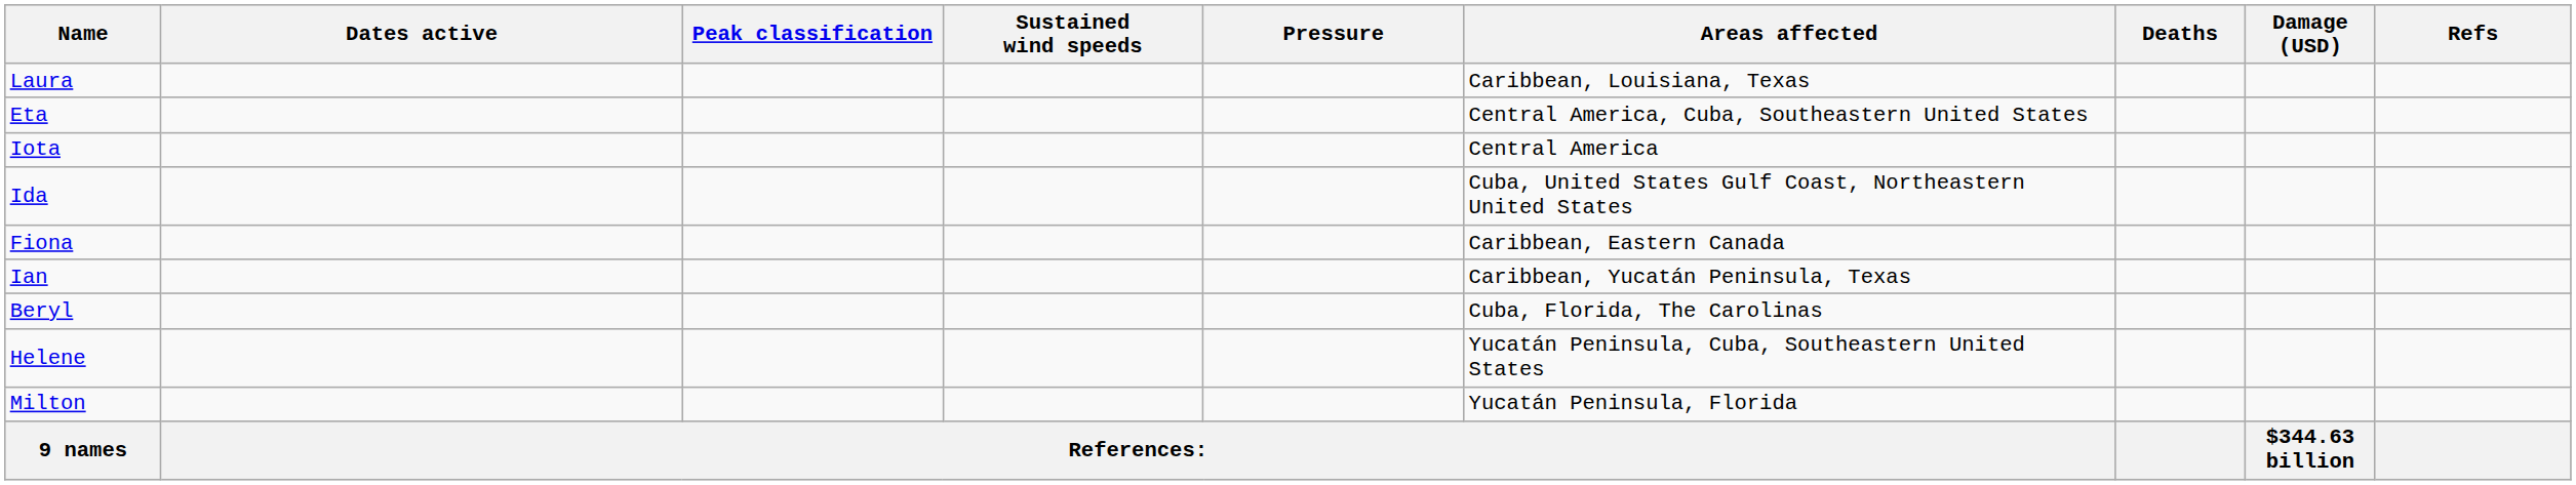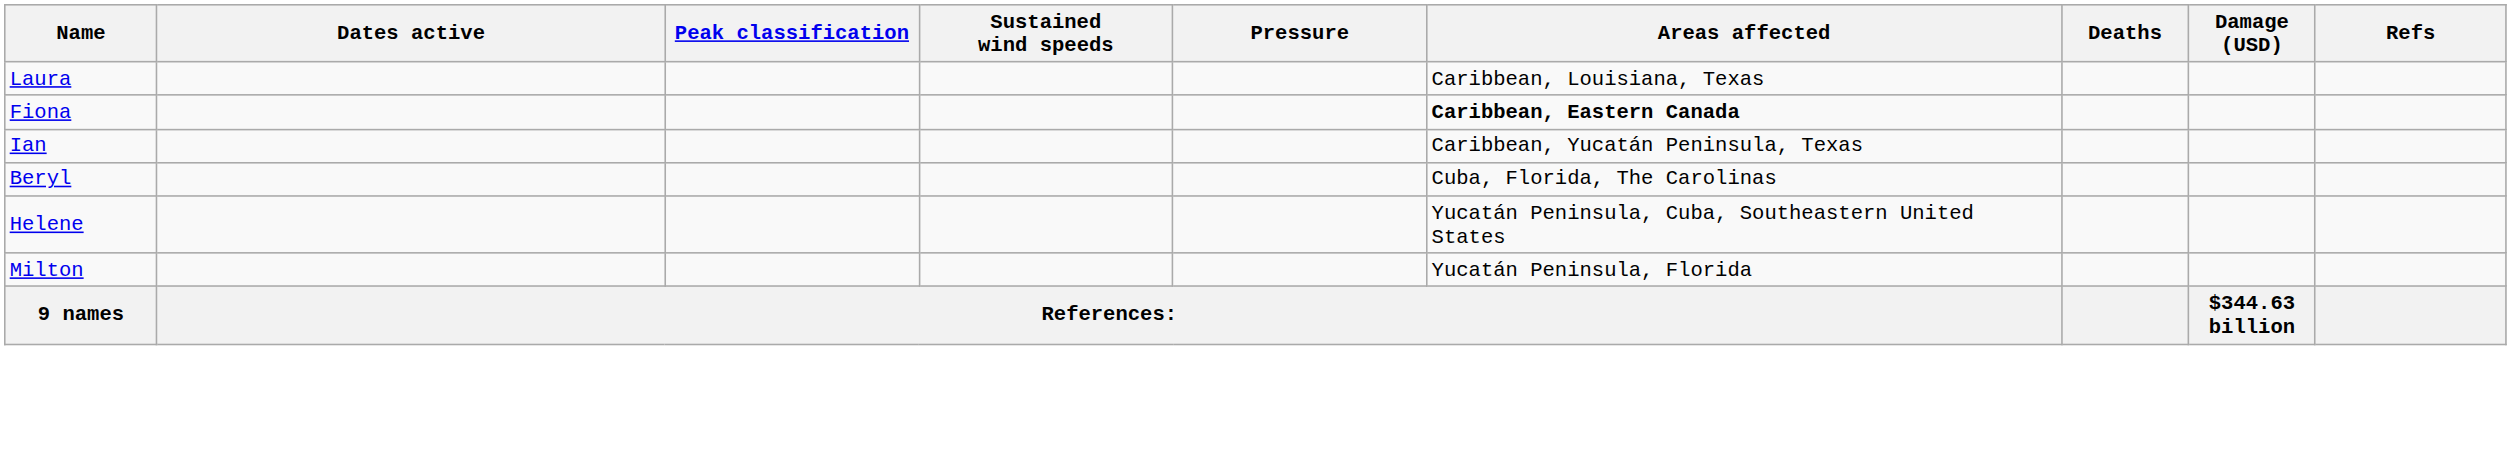 <table class="wikitable sortable" width="100%">
 <tr>
 <th scope="col" width="6%">Name</th>
 <th scope="col" width="20%">Dates active</th>
 <th scope="col" width="10%"><a href='#'>Peak classification</a></th>
 <th scope="col" width="10%">Sustained<br>wind speeds</th>
 <th scope="col" width="10%">Pressure</th>
 <th scope="col" width="25%" class="unsortable">Areas affected</th>
 <th scope="col" width="5%">Deaths</th>
 <th scope="col" width="5%">Damage<br>(USD)</th>
 <th scope="col" width="7.5%" class="unsortable">Refs</th>
 </tr>
 <tr>
 <td><a href='#'>Laura</a></td>
 <td></td>
 <td></td>
 <td></td>
 <td></td>
 <td>Caribbean, Louisiana, Texas</td>
 <td></td>
 <td></td>
 <td></td>
 </tr>
 <tr>
-<td><a href='#'>Eta</a></td>
-<td></td>
-<td></td>
-<td></td>
-<td></td>
-<td>Central America, Cuba, Southeastern United States</td>
-<td></td>
-<td></td>
-<td></td>
-</tr>
-<tr>
-<td><a href='#'>Iota</a></td>
-<td></td>
-<td></td>
-<td></td>
-<td></td>
-<td>Central America</td>
-<td></td>
-<td></td>
-<td></td>
-</tr>
-<tr>
-<td><a href='#'>Ida</a></td>
-<td></td>
-<td></td>
-<td></td>
-<td></td>
-<td>Cuba, United States Gulf Coast, Northeastern United States</td>
-<td></td>
-<td></td>
-<td></td>
-</tr>
-<tr>
 <td><a href='#'>Fiona</a></td>
 <td></td>
 <td></td>
 <td></td>
 <td></td>
-<td>Caribbean, Eastern Canada</td>
+<td><strong>Caribbean, Eastern Canada</strong></td>
 <td></td>
 <td></td>
 <td></td>
 </tr>
 <tr>
 <td><a href='#'>Ian</a></td>
 <td></td>
 <td></td>
 <td></td>
 <td></td>
 <td>Caribbean, Yucatán Peninsula, Texas</td>
 <td></td>
 <td></td>
 <td></td>
 </tr>
 <tr>
 <td><a href='#'>Beryl</a></td>
 <td></td>
 <td></td>
 <td></td>
 <td></td>
 <td>Cuba, Florida, The Carolinas</td>
 <td></td>
 <td></td>
 <td></td>
 </tr>
 <tr>
 <td><a href='#'>Helene</a></td>
 <td></td>
 <td></td>
 <td></td>
 <td></td>
 <td>Yucatán Peninsula, Cuba, Southeastern United States</td>
 <td></td>
 <td></td>
 <td></td>
 </tr>
 <tr>
 <td><a href='#'>Milton</a></td>
 <td></td>
 <td></td>
 <td></td>
 <td></td>
 <td>Yucatán Peninsula, Florida</td>
 <td></td>
 <td></td>
 <td></td>
 </tr>
 <tr class="sortbottom">
 <th>9 names</th>
 <th colspan="5">References:</th>
 <th><br></th>
 <th>$344.63 billion</th>
 <th></th>
 </tr>
 </table>
